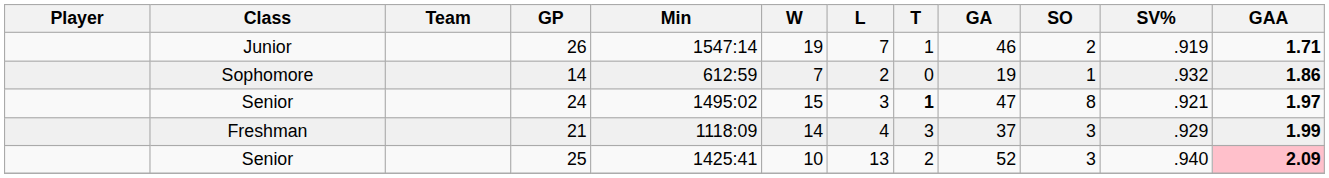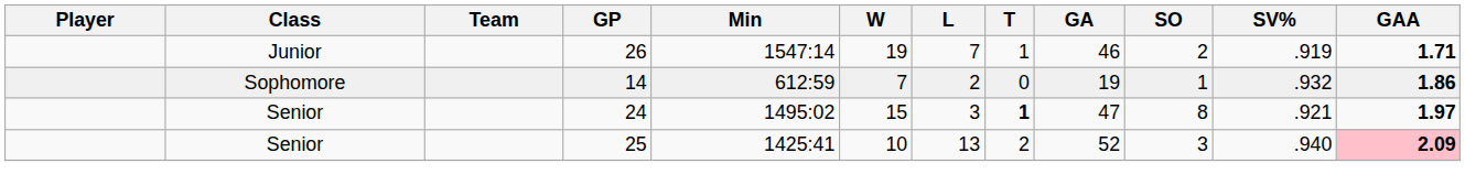 <table class="wikitable sortable" style="text-align: center; "width=60%">
 <tr>
 <th>Player</th>
 <th>Class</th>
 <th>Team</th>
 <th>GP</th>
 <th>Min</th>
 <th>W</th>
 <th>L</th>
 <th>T</th>
 <th>GA</th>
 <th>SO</th>
 <th>SV%</th>
 <th>GAA</th>
 </tr>
 <tr>
 <td style="text-align: left"></td>
 <td>Junior</td>
 <td><strong><a href='#'></a></strong></td>
 <td style="text-align: right">26</td>
 <td style="text-align: right">1547:14</td>
 <td style="text-align: right">19</td>
 <td style="text-align: right">7</td>
 <td style="text-align: right">1</td>
 <td style="text-align: right">46</td>
 <td style="text-align: right">2</td>
 <td style="text-align: right">.919</td>
 <td style="text-align: right"><strong>1.71</strong></td>
 </tr>
 <tr bgcolor=f0f0f0>
 <td style="text-align: left"></td>
 <td>Sophomore</td>
 <td><strong><a href='#'></a></strong></td>
 <td style="text-align: right">14</td>
 <td style="text-align: right">612:59</td>
 <td style="text-align: right">7</td>
 <td style="text-align: right">2</td>
 <td style="text-align: right">0</td>
 <td style="text-align: right">19</td>
 <td style="text-align: right">1</td>
 <td style="text-align: right">.932</td>
 <td style="text-align: right"><strong>1.86</strong></td>
 </tr>
 <tr>
 <td style="text-align: left"></td>
 <td>Senior</td>
 <td><strong><a href='#'></a></strong></td>
 <td style="text-align: right">24</td>
 <td style="text-align: right">1495:02</td>
 <td style="text-align: right">15</td>
 <td style="text-align: right">3</td>
 <td style="text-align: right"><strong>1</strong></td>
 <td style="text-align: right">47</td>
 <td style="text-align: right">8</td>
 <td style="text-align: right">.921</td>
 <td style="text-align: right"><strong>1.97</strong></td>
 </tr>
-<tr bgcolor=f0f0f0>
-<td style="text-align: left"></td>
-<td>Freshman</td>
-<td><strong><a href='#'></a></strong></td>
-<td style="text-align: right">21</td>
-<td style="text-align: right">1118:09</td>
-<td style="text-align: right">14</td>
-<td style="text-align: right">4</td>
-<td style="text-align: right">3</td>
-<td style="text-align: right">37</td>
-<td style="text-align: right">3</td>
-<td style="text-align: right">.929</td>
-<td style="text-align: right"><strong>1.99</strong></td>
-</tr>
 <tr>
 <td style="text-align: left"></td>
 <td>Senior</td>
 <td><strong><a href='#'></a></strong></td>
 <td style="text-align: right">25</td>
 <td style="text-align: right">1425:41</td>
 <td style="text-align: right">10</td>
 <td style="text-align: right">13</td>
 <td style="text-align: right">2</td>
 <td style="text-align: right">52</td>
 <td style="text-align: right">3</td>
 <td style="text-align: right">.940</td>
 <td style="background: pink; text-align: right"><strong>2.09</strong></td>
 </tr>
 <tr>
 </tr>
 </table>
